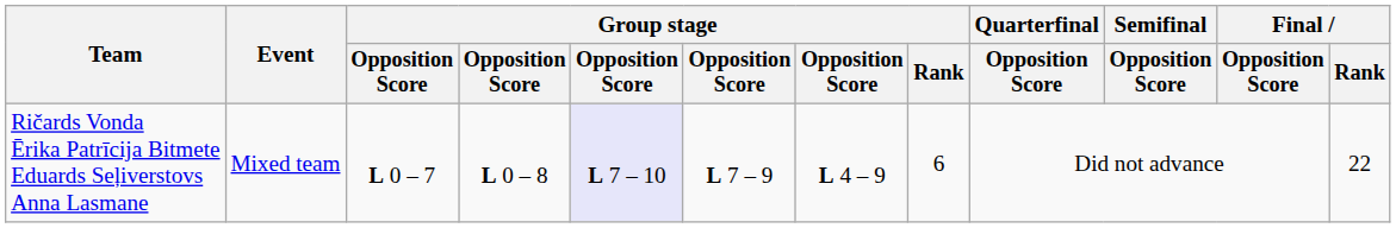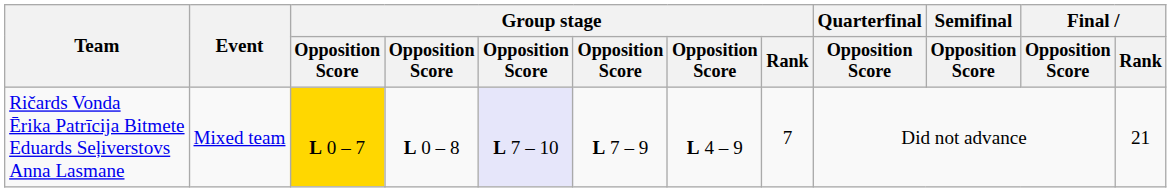 <table class="wikitable" style="font-size:90%">
 <tr>
 <th rowspan=2>Team</th>
 <th rowspan=2>Event</th>
 <th colspan=6>Group stage</th>
 <th>Quarterfinal</th>
 <th>Semifinal</th>
 <th colspan=2>Final / </th>
 </tr>
 <tr style="font-size:95%">
 <th>Opposition<br>Score</th>
 <th>Opposition<br>Score</th>
 <th>Opposition<br>Score</th>
 <th>Opposition<br>Score</th>
 <th>Opposition<br>Score</th>
 <th>Rank</th>
 <th>Opposition<br>Score</th>
 <th>Opposition<br>Score</th>
 <th>Opposition<br>Score</th>
 <th>Rank</th>
 </tr>
 <tr align=center>
 <td align=left><a href='#'>Ričards Vonda</a><br><a href='#'>Ērika Patrīcija Bitmete</a><br><a href='#'>Eduards Seļiverstovs</a><br><a href='#'>Anna Lasmane</a></td>
 <td align=left><a href='#'>Mixed team</a></td>
-<td><br><strong>L</strong> 0 – 7</td>
+<td style="background: gold;"><br><strong>L</strong> 0 – 7</td>
 <td><br><strong>L</strong> 0 – 8</td>
 <td style="background: lavender;"><br><strong>L</strong> 7 – 10</td>
 <td><br><strong>L</strong> 7 – 9</td>
 <td><br><strong>L</strong> 4 – 9</td>
-<td>6</td>
+<td>7</td>
 <td align=center colspan=3>Did not advance</td>
-<td>22</td>
+<td>21</td>
 </tr>
 </table>
